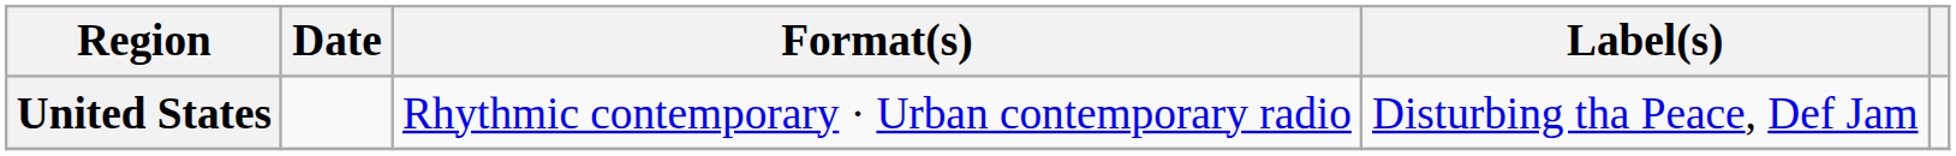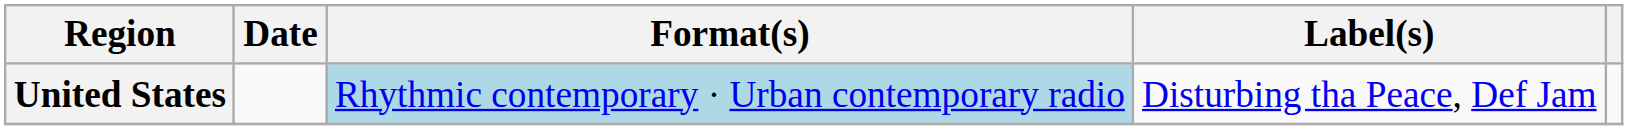 <table class="wikitable plainrowheaders" style="text-align:left">
 <tr>
 <th scope="col">Region</th>
 <th scope="col">Date</th>
 <th scope="col">Format(s)</th>
 <th scope="col">Label(s)</th>
 <th scope="col"></th>
 </tr>
 <tr>
 <th scope="row">United States</th>
 <td></td>
-<td><a href='#'>Rhythmic contemporary</a> · <a href='#'>Urban contemporary radio</a></td>
+<td style="background: lightblue;"><a href='#'>Rhythmic contemporary</a> · <a href='#'>Urban contemporary radio</a></td>
 <td><a href='#'>Disturbing tha Peace</a>, <a href='#'>Def Jam</a></td>
 <td></td>
 </tr>
 <tr>
 </tr>
 </table>
